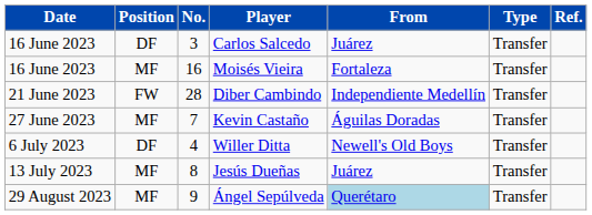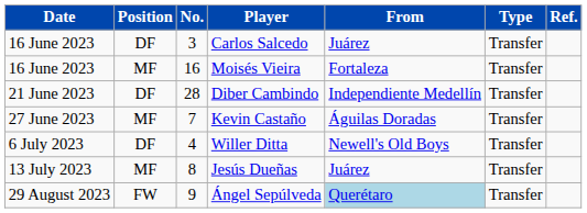 <table class="wikitable plainrowheaders sortable">
 <tr>
 <th style="background:#0046AD; color:#FFFFFF; ">Date</th>
 <th style="background:#0046AD; color:#FFFFFF; ">Position</th>
 <th style="background:#0046AD; color:#FFFFFF; ">No.</th>
 <th style="background:#0046AD; color:#FFFFFF; ">Player</th>
 <th style="background:#0046AD; color:#FFFFFF; ">From</th>
 <th style="background:#0046AD; color:#FFFFFF; ">Type</th>
 <th style="background:#0046AD; color:#FFFFFF; ">Ref.</th>
 </tr>
 <tr>
 <td>16 June 2023</td>
 <td style="text-align:center;">DF</td>
 <td style="text-align:center;">3</td>
 <td style="text-align:left;"> <a href='#'>Carlos Salcedo</a></td>
 <td style="text-align:left;"> <a href='#'>Juárez</a></td>
 <td>Transfer</td>
 <td></td>
 </tr>
 <tr>
 <td>16 June 2023</td>
 <td style="text-align:center;">MF</td>
 <td style="text-align:center;">16</td>
 <td style="text-align:left;"> <a href='#'>Moisés Vieira</a></td>
 <td style="text-align:left;"> <a href='#'>Fortaleza</a></td>
 <td>Transfer</td>
 <td></td>
 </tr>
 <tr>
 <td>21 June 2023</td>
-<td style="text-align:center;">FW</td>
+<td style="text-align:center;">DF</td>
 <td style="text-align:center;">28</td>
 <td style="text-align:left;"> <a href='#'>Diber Cambindo</a></td>
 <td style="text-align:left;"> <a href='#'>Independiente Medellín</a></td>
 <td>Transfer</td>
 <td></td>
 </tr>
 <tr>
 <td>27 June 2023</td>
 <td style="text-align:center;">MF</td>
 <td style="text-align:center;">7</td>
 <td style="text-align:left;"> <a href='#'>Kevin Castaño</a></td>
 <td style="text-align:left;"> <a href='#'>Águilas Doradas</a></td>
 <td>Transfer</td>
 <td></td>
 </tr>
 <tr>
 <td>6 July 2023</td>
 <td style="text-align:center;">DF</td>
 <td style="text-align:center;">4</td>
 <td style="text-align:left;"> <a href='#'>Willer Ditta</a></td>
 <td style="text-align:left;"> <a href='#'>Newell's Old Boys</a></td>
 <td>Transfer</td>
 <td></td>
 </tr>
 <tr>
 <td>13 July 2023</td>
 <td style="text-align:center;">MF</td>
 <td style="text-align:center;">8</td>
 <td style="text-align:left;"> <a href='#'>Jesús Dueñas</a></td>
 <td style="text-align:left;"> <a href='#'>Juárez</a></td>
 <td>Transfer</td>
 <td></td>
 </tr>
 <tr>
 <td>29 August 2023</td>
-<td style="text-align:center;">MF</td>
+<td style="text-align:center;">FW</td>
 <td style="text-align:center;">9</td>
 <td style="text-align:left;"> <a href='#'>Ángel Sepúlveda</a></td>
 <td style="background: lightblue; text-align:left;"> <a href='#'>Querétaro</a></td>
 <td>Transfer</td>
 <td></td>
 </tr>
 </table>
